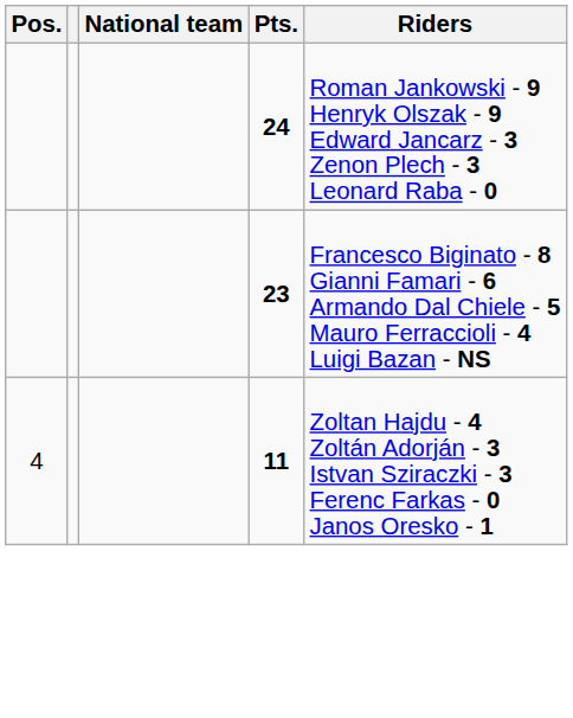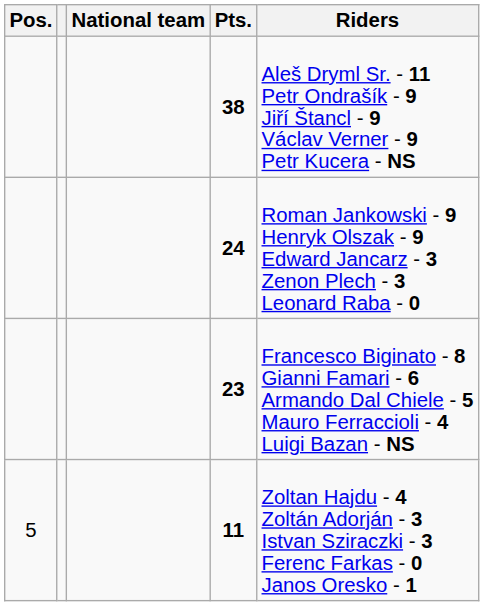 <table class=wikitable style="font-size:93%;">
 <tr>
 <th>Pos.</th>
 <th></th>
 <th>National team</th>
 <th>Pts.</th>
 <th>Riders</th>
+</tr>
+<tr align=center >
+<td></td>
+<td></td>
+<td align=left></td>
+<td><strong>38</strong></td>
+<td align=left><br><a href='#'>Aleš Dryml Sr.</a> - <strong>11</strong> <br> <a href='#'>Petr Ondrašík</a> - <strong>9</strong> <br> <a href='#'>Jiří Štancl</a> - <strong>9</strong> <br> <a href='#'>Václav Verner</a> - <strong>9</strong> <br> <a href='#'>Petr Kucera</a> - <strong>NS</strong> <br></td>
 </tr>
 <tr align=center >
 <td></td>
 <td></td>
 <td align=left></td>
 <td><strong>24</strong></td>
 <td align=left><br><a href='#'>Roman Jankowski</a> - <strong>9</strong> <br> <a href='#'>Henryk Olszak</a> - <strong>9</strong> <br> <a href='#'>Edward Jancarz</a> - <strong>3</strong> <br> <a href='#'>Zenon Plech</a> - <strong>3</strong> <br> <a href='#'>Leonard Raba</a> - <strong>0</strong> <br></td>
 </tr>
 <tr align=center >
 <td></td>
 <td></td>
 <td align=left></td>
 <td><strong>23</strong></td>
 <td align=left><br><a href='#'>Francesco Biginato</a> - <strong>8</strong> <br> <a href='#'>Gianni Famari</a> - <strong>6</strong> <br> <a href='#'>Armando Dal Chiele</a> - <strong>5</strong> <br> <a href='#'>Mauro Ferraccioli</a> - <strong>4</strong> <br> <a href='#'>Luigi Bazan</a> - <strong>NS</strong> <br></td>
 </tr>
 <tr align=center>
-<td>4</td>
+<td>5</td>
 <td></td>
 <td align=left></td>
 <td><strong>11</strong></td>
 <td align=left><br><a href='#'>Zoltan Hajdu</a> - <strong>4</strong> <br> <a href='#'>Zoltán Adorján</a> - <strong>3</strong> <br> <a href='#'>Istvan Sziraczki</a> - <strong>3</strong> <br> <a href='#'>Ferenc Farkas</a> - <strong>0</strong> <br> <a href='#'>Janos Oresko</a> - <strong>1</strong> <br></td>
 </tr>
 </table>
